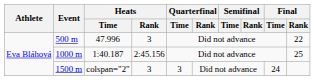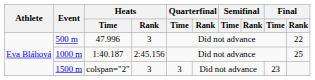 <table class="wikitable" style="font-size:90%">
 <tr>
 <th rowspan=2>Athlete</th>
 <th rowspan=2>Event</th>
 <th colspan=2>Heats</th>
 <th colspan=2>Quarterfinal</th>
 <th colspan=2>Semifinal</th>
 <th colspan=2>Final</th>
 </tr>
 <tr style="font-size:95%">
 <th>Time</th>
 <th>Rank</th>
 <th>Time</th>
 <th>Rank</th>
 <th>Time</th>
 <th>Rank</th>
 <th>Time</th>
 <th>Rank</th>
 </tr>
 <tr align=center>
 <td align=left rowspan=3><a href='#'>Eva Bláhová</a></td>
 <td align=left><a href='#'>500 m</a></td>
 <td>47.996</td>
 <td>3</td>
 <td colspan="5">Did not advance</td>
 <td>22</td>
 </tr>
 <tr align=center>
 <td align=left><a href='#'>1000 m</a></td>
 <td>1:40.187</td>
 <td>2:45.156</td>
 <td colspan="5">Did not advance</td>
 <td>25</td>
 </tr>
 <tr align=center>
 <td align=left><a href='#'>1500 m</a></td>
 <td>colspan="2" </td>
 <td>3</td>
 <td>3</td>
 <td colspan="3">Did not advance</td>
-<td>24</td>
+<td>23</td>
 </tr>
 </table>
